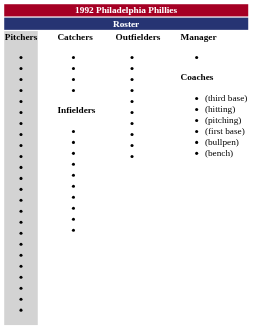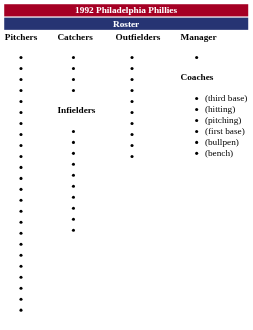 <table class="toccolours" style="font-size: 95%;">
 <tr>
 <th colspan="10" style="background-color: #A50024; color: white; text-align: center;">1992 Philadelphia Phillies</th>
 </tr>
 <tr>
 <td colspan="10" style="background-color: #263473; color: white; text-align: center;"><strong>Roster</strong></td>
 </tr>
 <tr>
-<td valign="top" style="background: lightgrey;"><strong>Pitchers</strong><br><ul><li></li><li></li><li></li><li></li><li></li><li></li><li></li><li></li><li></li><li></li><li></li><li></li><li></li><li></li><li></li><li></li><li></li><li></li><li></li><li></li><li></li><li></li><li></li><li></li></ul></td>
+<td valign="top"><strong>Pitchers</strong><br><ul><li></li><li></li><li></li><li></li><li></li><li></li><li></li><li></li><li></li><li></li><li></li><li></li><li></li><li></li><li></li><li></li><li></li><li></li><li></li><li></li><li></li><li></li><li></li><li></li></ul></td>
 <td width="25px"></td>
 <td valign="top"><strong>Catchers</strong><br><ul><li></li><li></li><li></li><li></li></ul><strong>Infielders</strong><ul><li></li><li></li><li></li><li></li><li></li><li></li><li></li><li></li><li></li><li></li></ul></td>
 <td width="25px"></td>
 <td valign="top"><strong>Outfielders</strong><br><ul><li></li><li></li><li></li><li></li><li></li><li></li><li></li><li></li><li></li><li></li></ul></td>
 <td width="25px"></td>
 <td valign="top"><strong>Manager</strong><br><ul><li></li></ul><strong>Coaches</strong><ul><li> (third base)</li><li> (hitting)</li><li> (pitching)</li><li> (first base)</li><li> (bullpen)</li><li> (bench)</li></ul></td>
 </tr>
 <tr>
 </tr>
 </table>
